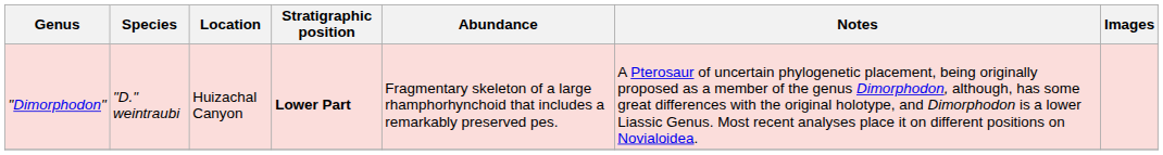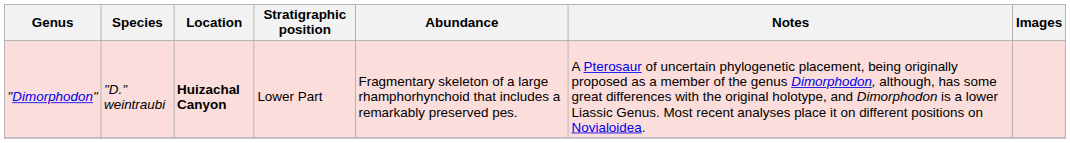 <table class="wikitable" align="center" width="100%">
 <tr>
 <th>Genus</th>
 <th>Species</th>
 <th>Location</th>
 <th>Stratigraphic position</th>
 <th>Abundance</th>
 <th>Notes</th>
 <th>Images</th>
 </tr>
 <tr>
 <td style="background:#fbdddb;"><br><em>"<a href='#'>Dimorphodon</a>"</em></td>
 <td style="background:#fbdddb;"><br><em>"D." weintraubi</em></td>
-<td style="background:#fbdddb;"><br>Huizachal Canyon</td>
-<td style="background:#fbdddb;"><strong><br>Lower Part</strong></td>
+<td style="background:#fbdddb;"><strong><br>Huizachal Canyon</strong></td>
+<td style="background:#fbdddb;"><br>Lower Part</td>
 <td style="background:#fbdddb;"><br>Fragmentary skeleton of a large rhamphorhynchoid that includes a remarkably preserved pes.</td>
 <td style="background:#fbdddb;"><br>A <a href='#'>Pterosaur</a> of uncertain phylogenetic placement, being originally proposed as a member of the genus <em><a href='#'>Dimorphodon</a>, </em>although, has some great differences with the original holotype, and <em>Dimorphodon</em> is a lower Liassic Genus. Most recent analyses place it on different positions on <a href='#'>Novialoidea</a>.<em></em></td>
 <td style="background:#fbdddb;"></td>
 </tr>
 <tr>
 </tr>
 </table>
